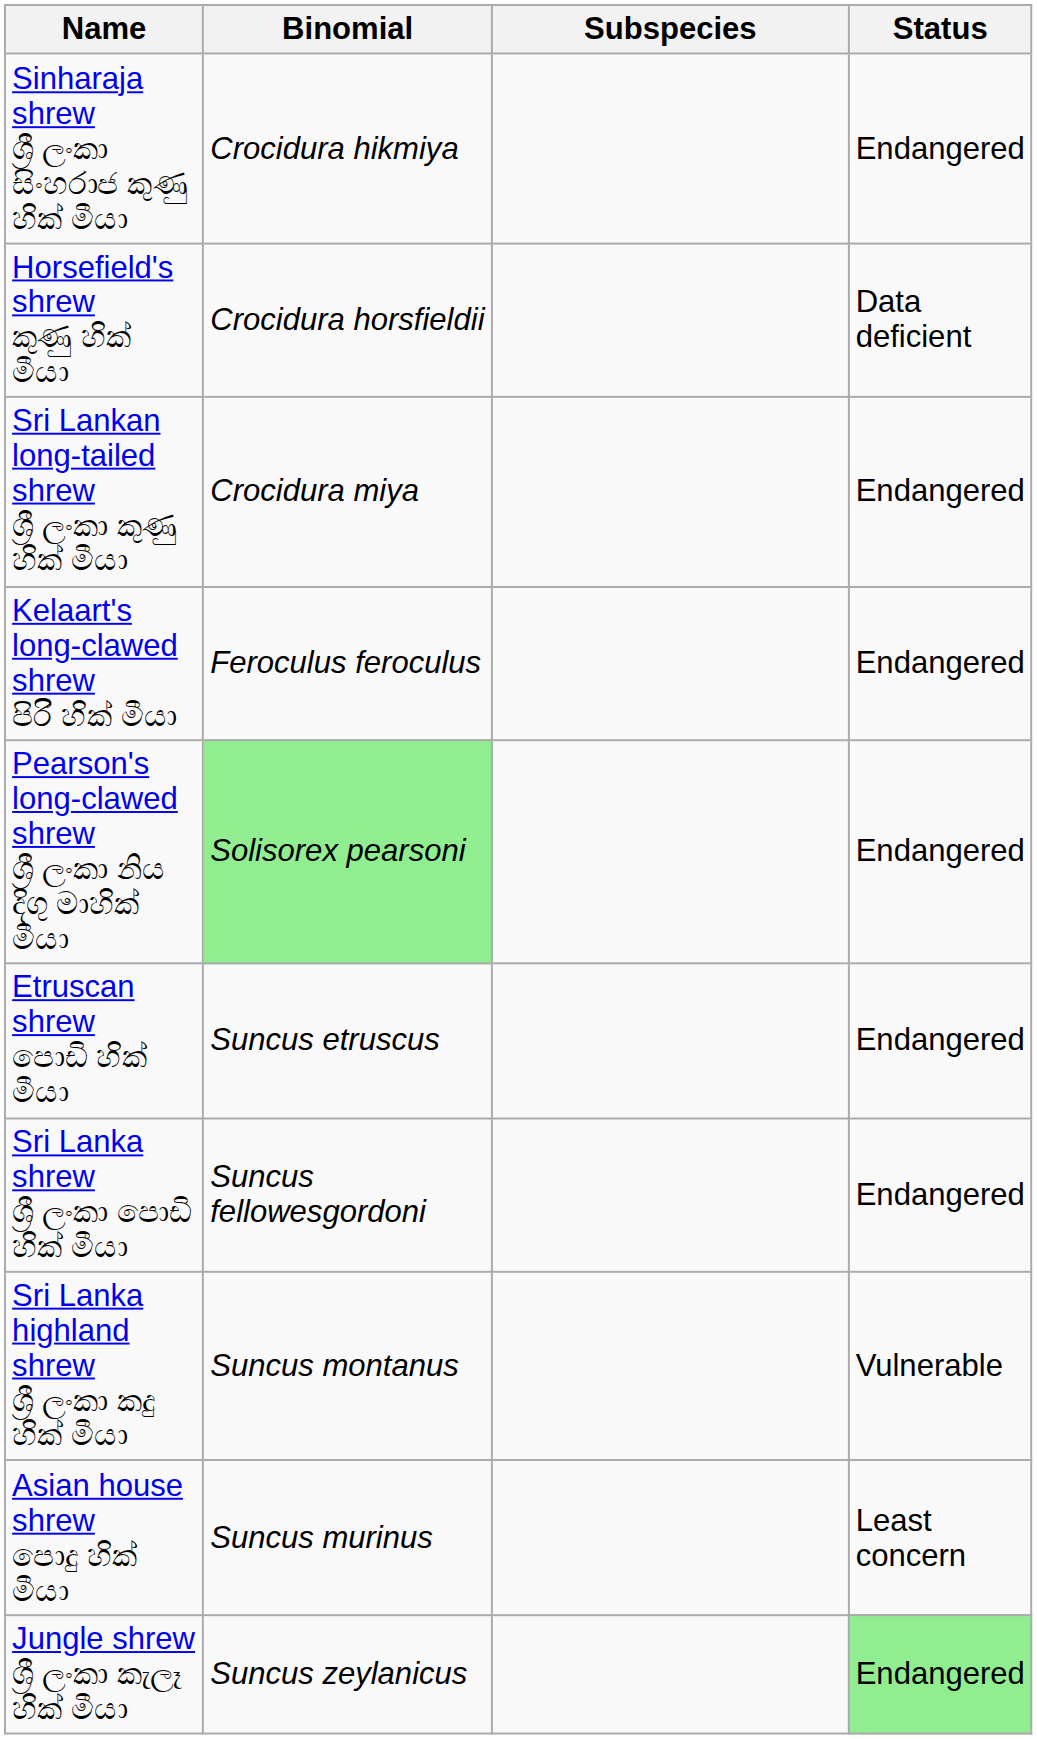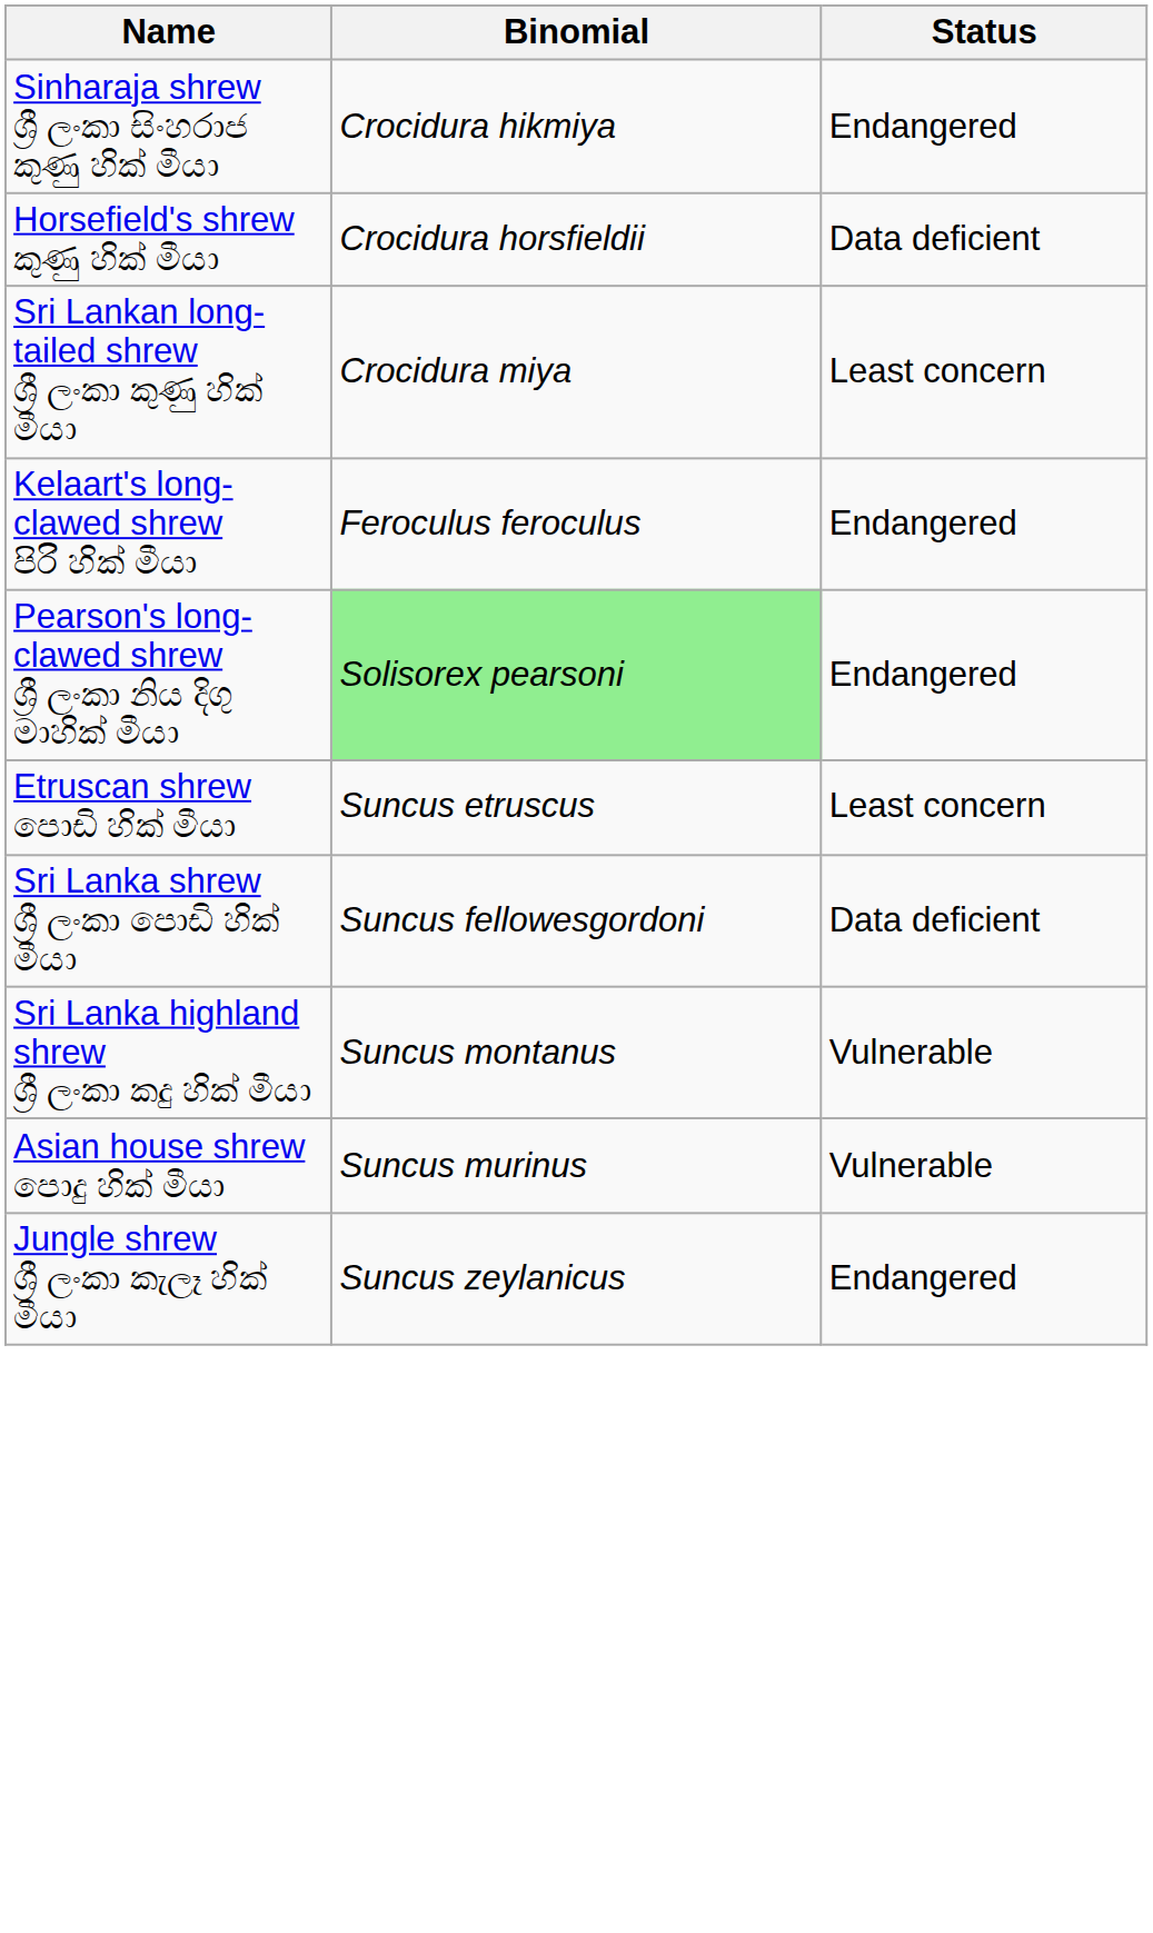 <table width=60% class="wikitable">
 <tr>
 <th width=20%>Name</th>
 <th width=30%>Binomial</th>
-<th width=40%>Subspecies</th>
 <th width=20%>Status</th>
 </tr>
 <tr>
 <td><a href='#'>Sinharaja shrew</a><br>ශ්‍රී ලංකා සිංහරාජ කුණු හික් මීයා</td>
 <td><em>Crocidura hikmiya</em></td>
-<td></td>
 <td>Endangered</td>
 </tr>
 <tr>
 <td><a href='#'>Horsefield's shrew</a><br>කුණු හික් මීයා</td>
 <td><em>Crocidura horsfieldii</em></td>
-<td></td>
 <td>Data deficient</td>
 </tr>
 <tr>
 <td><a href='#'>Sri Lankan long-tailed shrew</a><br>ශ්‍රී ලංකා කුණු හික් මීයා</td>
 <td><em>Crocidura miya</em></td>
-<td></td>
-<td>Endangered</td>
+<td>Least concern</td>
 </tr>
 <tr>
 <td><a href='#'>Kelaart's long-clawed shrew</a><br>පිරි හික් මීයා</td>
 <td><em>Feroculus feroculus</em></td>
-<td></td>
 <td>Endangered</td>
 </tr>
 <tr>
 <td><a href='#'>Pearson's long-clawed shrew</a><br>ශ්‍රී ලංකා නිය දිගු මාහික් මීයා</td>
 <td style="background: lightgreen;"><em>Solisorex pearsoni</em></td>
-<td></td>
 <td>Endangered</td>
 </tr>
 <tr>
 <td><a href='#'>Etruscan shrew</a><br>පොඩි හික් මීයා<br></td>
 <td><em>Suncus etruscus</em></td>
-<td></td>
-<td>Endangered</td>
+<td>Least concern</td>
 </tr>
 <tr>
 <td><a href='#'>Sri Lanka shrew</a><br>ශ්‍රී ලංකා පොඩි හික් මීයා</td>
 <td><em>Suncus fellowesgordoni</em></td>
-<td></td>
-<td>Endangered</td>
+<td>Data deficient</td>
 </tr>
 <tr>
 <td><a href='#'>Sri Lanka highland shrew</a><br>ශ්‍රී ලංකා කදු හික් මීයා</td>
 <td><em>Suncus montanus</em></td>
-<td></td>
 <td>Vulnerable</td>
 </tr>
 <tr>
 <td><a href='#'>Asian house shrew</a><br>පොදු හික් මීයා<br></td>
 <td><em>Suncus murinus</em></td>
-<td></td>
-<td>Least concern</td>
+<td>Vulnerable</td>
 </tr>
 <tr>
 <td><a href='#'>Jungle shrew</a><br>ශ්‍රී ලංකා කැලෑ හික් මීයා</td>
 <td><em>Suncus zeylanicus</em></td>
-<td></td>
-<td style="background: lightgreen;">Endangered</td>
+<td>Endangered</td>
 </tr>
 </table>
